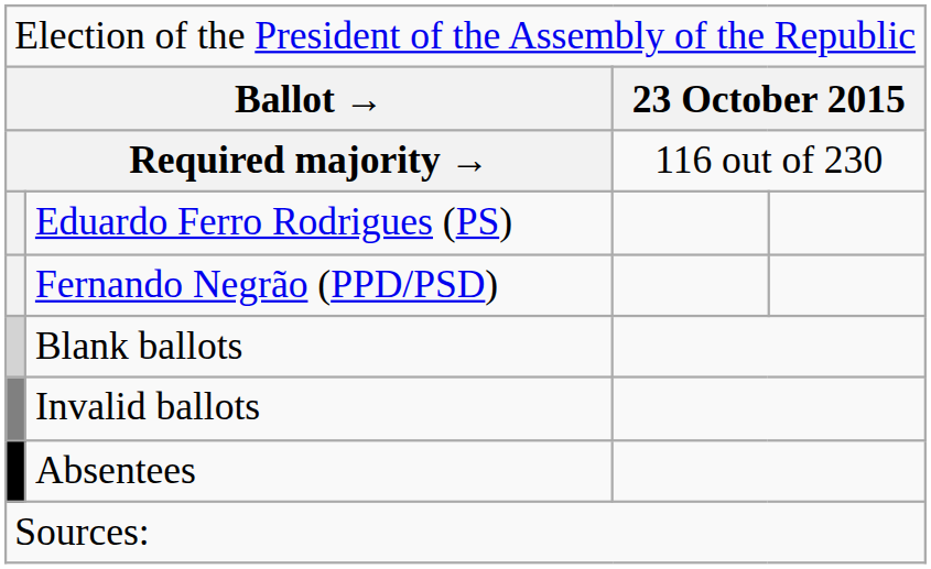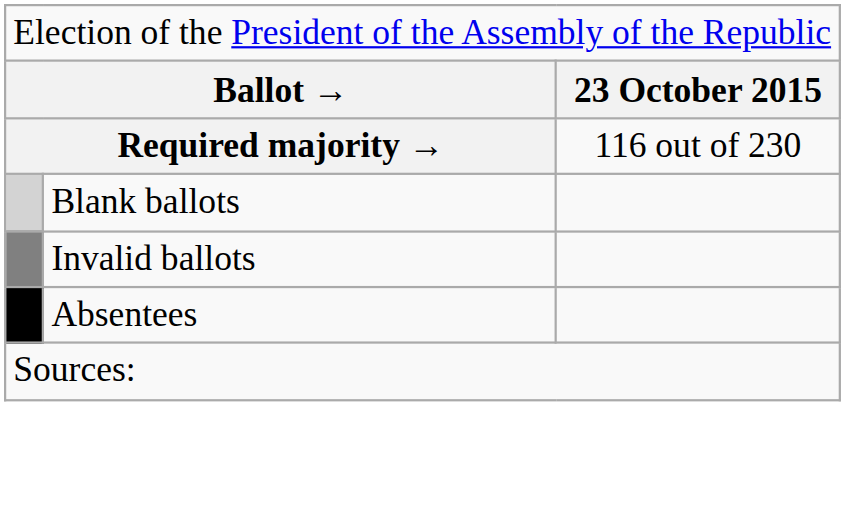 <table class="wikitable" style="text-align:center;">
 <tr>
 <td colspan="4" align="center">Election of the <a href='#'>President of the Assembly of the Republic</a></td>
 </tr>
 <tr>
 <th colspan="2" width="225px">Ballot →</th>
 <th colspan="2">23 October 2015</th>
 </tr>
 <tr>
 <th colspan="2">Required majority →</th>
 <td colspan="2">116 out of 230</td>
-</tr>
-<tr>
-<th width="1px" style="background:"></th>
-<td align="left"><a href='#'>Eduardo Ferro Rodrigues</a> (<a href='#'>PS</a>)</td>
-<td></td>
-<td></td>
-</tr>
-<tr>
-<th width="1px" style="background:"></th>
-<td align="left"><a href='#'>Fernando Negrão</a> (<a href='#'>PPD/PSD</a>)</td>
-<td></td>
-<td></td>
 </tr>
 <tr>
 <th style="background:lightgray;"></th>
 <td align="left">Blank ballots</td>
 <td colspan="2"></td>
 </tr>
 <tr>
 <th style="background:gray;"></th>
 <td align="left">Invalid ballots</td>
 <td colspan="2"></td>
 </tr>
 <tr>
 <th style="background:black;"></th>
 <td align="left">Absentees</td>
 <td colspan="2"></td>
 </tr>
 <tr>
 <td align="left" colspan="4">Sources: </td>
 </tr>
 </table>
